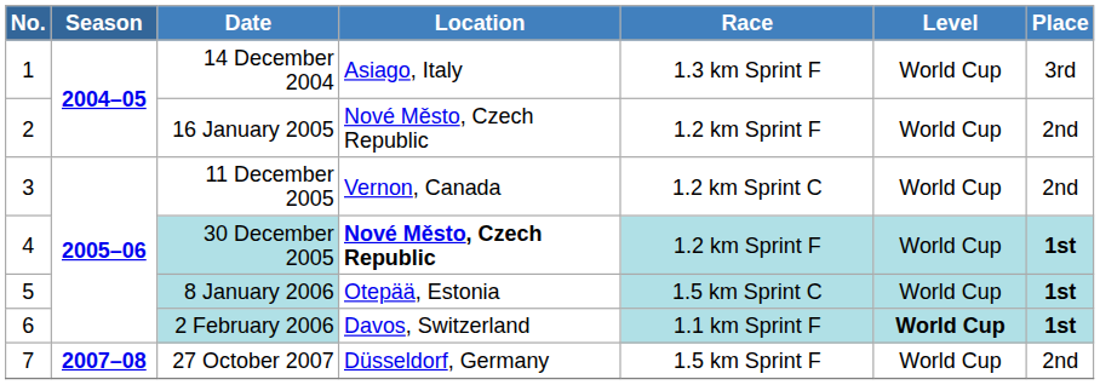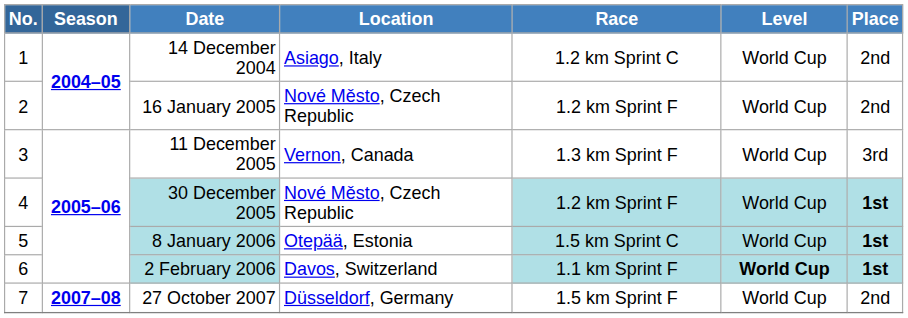 <table class="wikitable sortable" style="font-size:95%; text-align:center; border:grey solid 1px; border-collapse:collapse; background:#ffffff;">
 <tr style="background:#efefef;">
 <th style="background-color:#369; color:white;">No.</th>
 <th style="background-color:#369; color:white;">Season</th>
 <th style="background-color:#4180be; color:white; width:120px;">Date</th>
 <th style="background-color:#4180be; color:white; width:190px;">Location</th>
 <th style="background-color:#4180be; color:white; width:170px;">Race</th>
 <th style="background-color:#4180be; color:white; width:100px;">Level</th>
 <th style="background-color:#4180be; color:white;">Place</th>
 </tr>
 <tr>
 <td align=center>1</td>
 <td rowspan=2 align=center><strong> <a href='#'>2004–05</a> </strong></td>
 <td align=right>14 December 2004</td>
 <td align=left> <a href='#'>Asiago</a>, Italy</td>
-<td>1.3 km Sprint F</td>
+<td>1.2 km Sprint C</td>
 <td>World Cup</td>
-<td>3rd</td>
+<td>2nd</td>
 </tr>
 <tr>
 <td align=center>2</td>
 <td align=right>16 January 2005</td>
 <td align=left> <a href='#'>Nové Město</a>, Czech Republic</td>
 <td>1.2 km Sprint F</td>
 <td>World Cup</td>
 <td>2nd</td>
 </tr>
 <tr>
 <td align=center>3</td>
 <td rowspan=4 align=center><strong> <a href='#'>2005–06</a> </strong></td>
 <td align=right>11 December 2005</td>
 <td align=left> <a href='#'>Vernon</a>, Canada</td>
-<td>1.2 km Sprint C</td>
+<td>1.3 km Sprint F</td>
 <td>World Cup</td>
-<td>2nd</td>
+<td>3rd</td>
 </tr>
 <tr>
 <td align=center>4</td>
 <td bgcolor="#BOEOE6" align=right>30 December 2005</td>
-<td align=left><strong> <a href='#'>Nové Město</a>, Czech Republic</strong></td>
+<td align=left> <a href='#'>Nové Město</a>, Czech Republic</td>
 <td bgcolor="#BOEOE6" align=center>1.2 km Sprint F</td>
 <td bgcolor="#BOEOE6">World Cup</td>
 <td bgcolor="#BOEOE6"><strong>1st</strong></td>
 </tr>
 <tr>
 <td align=center>5</td>
 <td bgcolor="#BOEOE6" align=right>8 January 2006</td>
 <td align=left> <a href='#'>Otepää</a>, Estonia</td>
 <td bgcolor="#BOEOE6" align=center>1.5 km Sprint C</td>
 <td bgcolor="#BOEOE6">World Cup</td>
 <td bgcolor="#BOEOE6"><strong>1st</strong></td>
 </tr>
 <tr>
 <td align=center>6</td>
 <td bgcolor="#BOEOE6" align=right>2 February 2006</td>
 <td align=left> <a href='#'>Davos</a>, Switzerland</td>
 <td bgcolor="#BOEOE6" align=center>1.1 km Sprint F</td>
 <td bgcolor="#BOEOE6"><strong>World Cup</strong></td>
 <td bgcolor="#BOEOE6"><strong>1st</strong></td>
 </tr>
 <tr>
 <td align=center>7</td>
 <td rowspan=1 align=center><strong> <a href='#'>2007–08</a> </strong></td>
 <td align=right>27 October 2007</td>
 <td align=left> <a href='#'>Düsseldorf</a>, Germany</td>
 <td>1.5 km Sprint F</td>
 <td>World Cup</td>
 <td>2nd</td>
 </tr>
 <tr>
 </tr>
 </table>
